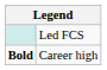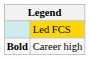 <table class="wikitable">
 <tr>
 <th colspan="2">Legend</th>
 </tr>
 <tr>
 <td style="background:#cfecec;"></td>
-<td>Led FCS</td>
+<td style="background: gold;">Led FCS</td>
 </tr>
 <tr>
 <td><strong>Bold</strong></td>
 <td>Career high</td>
 </tr>
 </table>
